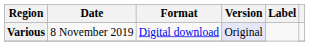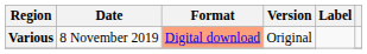 <table class="wikitable sortable plainrowheaders">
 <tr>
 <th>Region</th>
 <th>Date</th>
 <th>Format</th>
 <th>Version</th>
 <th>Label</th>
 <th></th>
 </tr>
 <tr>
 <th scope="row">Various</th>
 <td>8 November 2019</td>
-<td><a href='#'>Digital download</a></td>
-<td style="background: lavender;">Original</td>
+<td style="background: lightsalmon;"><a href='#'>Digital download</a></td>
+<td>Original</td>
 <td rowspan="2"></td>
 <td></td>
 </tr>
 <tr>
 </tr>
 </table>
